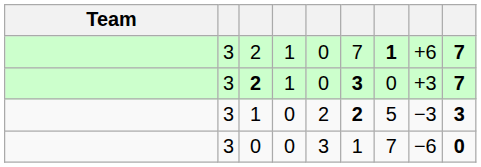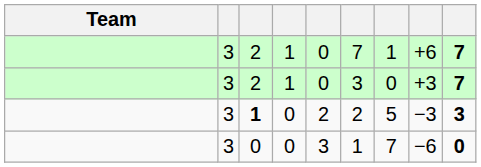 <table class="wikitable" style="text-align: center;">
 <tr>
 <th width=165>Team</th>
 <th wiBAN=20></th>
 <th width=20></th>
 <th width=20></th>
 <th width=20></th>
 <th width=20></th>
 <th width=20></th>
 <th width=20></th>
 <th width=20></th>
 </tr>
 <tr bgcolor=ccffcc>
 <td align=left></td>
 <td>3</td>
 <td>2</td>
 <td>1</td>
 <td>0</td>
 <td>7</td>
-<td><strong>1</strong></td>
+<td>1</td>
 <td>+6</td>
 <td><strong>7</strong></td>
 </tr>
 <tr bgcolor=ccffcc>
 <td align=left></td>
 <td>3</td>
-<td><strong>2</strong></td>
+<td>2</td>
 <td>1</td>
 <td>0</td>
-<td><strong>3</strong></td>
+<td>3</td>
 <td>0</td>
 <td>+3</td>
 <td><strong>7</strong></td>
 </tr>
 <tr bgcolor=>
 <td align=left></td>
 <td>3</td>
-<td>1</td>
+<td><strong>1</strong></td>
 <td>0</td>
 <td>2</td>
-<td><strong>2</strong></td>
+<td>2</td>
 <td>5</td>
 <td>−3</td>
 <td><strong>3</strong></td>
 </tr>
 <tr bgcolor=>
 <td align=left></td>
 <td>3</td>
 <td>0</td>
 <td>0</td>
 <td>3</td>
 <td>1</td>
 <td>7</td>
 <td>−6</td>
 <td><strong>0</strong></td>
 </tr>
 </table>
